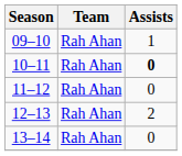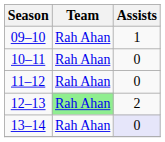 <table class="wikitable" style="text-align: center;">
 <tr>
 <th>Season</th>
 <th>Team</th>
 <th>Assists</th>
 </tr>
 <tr>
 <td><a href='#'>09–10</a></td>
 <td align="left"><a href='#'>Rah Ahan</a></td>
 <td>1</td>
 </tr>
 <tr>
 <td><a href='#'>10–11</a></td>
 <td align="left"><a href='#'>Rah Ahan</a></td>
-<td><strong>0</strong></td>
+<td>0</td>
 </tr>
 <tr>
 <td><a href='#'>11–12</a></td>
 <td align="left"><a href='#'>Rah Ahan</a></td>
 <td>0</td>
 </tr>
 <tr>
 <td><a href='#'>12–13</a></td>
-<td align="left"><a href='#'>Rah Ahan</a></td>
+<td align="left" style="background: lightgreen;"><a href='#'>Rah Ahan</a></td>
 <td>2</td>
 </tr>
 <tr>
 <td><a href='#'>13–14</a></td>
 <td align="left"><a href='#'>Rah Ahan</a></td>
-<td>0</td>
+<td style="background: lavender;">0</td>
 </tr>
 <tr>
 </tr>
 </table>
